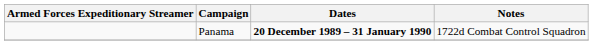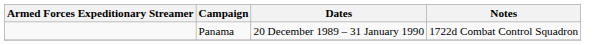 <table class="wikitable">
 <tr>
 <th>Armed Forces Expeditionary Streamer</th>
 <th>Campaign</th>
 <th>Dates</th>
 <th>Notes</th>
 </tr>
 <tr>
 <td></td>
 <td>Panama</td>
-<td><strong>20 December 1989 – 31 January 1990</strong></td>
+<td>20 December 1989 – 31 January 1990</td>
 <td>1722d Combat Control Squadron</td>
 </tr>
 <tr>
 </tr>
 </table>
